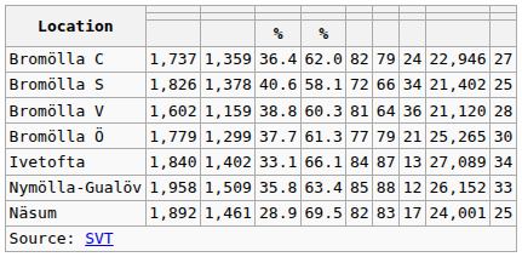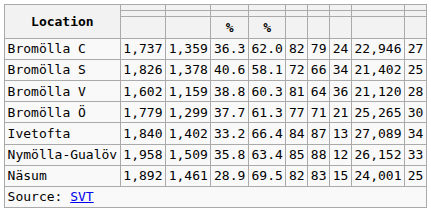 <table role="presentation" class="wikitable sortable mw-collapsible">
 <tr>
 <th rowspan="3">Location</th>
 <th></th>
 <th></th>
 <th></th>
 <th></th>
 <th></th>
 <th></th>
 <th></th>
 <th></th>
 <th></th>
 </tr>
 <tr>
 <th></th>
 <th></th>
 <th style="background:"></th>
 <th style="background:"></th>
 <th></th>
 <th></th>
 <th></th>
 <th></th>
 <th></th>
 </tr>
 <tr>
 <th data-sort-type="number"></th>
 <th data-sort-type="number"></th>
 <th data-sort-type="number">%</th>
 <th data-sort-type="number">%</th>
 <th data-sort-type="number"></th>
 <th data-sort-type="number"></th>
 <th data-sort-type="number"></th>
 <th data-sort-type="number"></th>
 <th data-sort-type="number"></th>
 </tr>
 <tr>
 <td align="left">Bromölla C</td>
 <td>1,737</td>
 <td>1,359</td>
-<td>36.4</td>
+<td>36.3</td>
 <td>62.0</td>
 <td>82</td>
 <td>79</td>
 <td>24</td>
 <td>22,946</td>
 <td>27</td>
 </tr>
 <tr>
 <td align="left">Bromölla S</td>
 <td>1,826</td>
 <td>1,378</td>
 <td>40.6</td>
 <td>58.1</td>
 <td>72</td>
 <td>66</td>
 <td>34</td>
 <td>21,402</td>
 <td>25</td>
 </tr>
 <tr>
 <td align="left">Bromölla V</td>
 <td>1,602</td>
 <td>1,159</td>
 <td>38.8</td>
 <td>60.3</td>
 <td>81</td>
 <td>64</td>
 <td>36</td>
 <td>21,120</td>
 <td>28</td>
 </tr>
 <tr>
 <td align="left">Bromölla Ö</td>
 <td>1,779</td>
 <td>1,299</td>
 <td>37.7</td>
 <td>61.3</td>
 <td>77</td>
-<td>79</td>
+<td>71</td>
 <td>21</td>
 <td>25,265</td>
 <td>30</td>
 </tr>
 <tr>
 <td align="left">Ivetofta</td>
 <td>1,840</td>
 <td>1,402</td>
-<td>33.1</td>
-<td>66.1</td>
+<td>33.2</td>
+<td>66.4</td>
 <td>84</td>
 <td>87</td>
 <td>13</td>
 <td>27,089</td>
 <td>34</td>
 </tr>
 <tr>
 <td align="left">Nymölla-Gualöv</td>
 <td>1,958</td>
 <td>1,509</td>
 <td>35.8</td>
 <td>63.4</td>
 <td>85</td>
 <td>88</td>
 <td>12</td>
 <td>26,152</td>
 <td>33</td>
 </tr>
 <tr>
 <td align="left">Näsum</td>
 <td>1,892</td>
 <td>1,461</td>
 <td>28.9</td>
 <td>69.5</td>
 <td>82</td>
 <td>83</td>
-<td>17</td>
+<td>15</td>
 <td>24,001</td>
 <td>25</td>
 </tr>
 <tr>
 <td colspan="10" align="left">Source: <a href='#'>SVT</a></td>
 </tr>
 </table>
